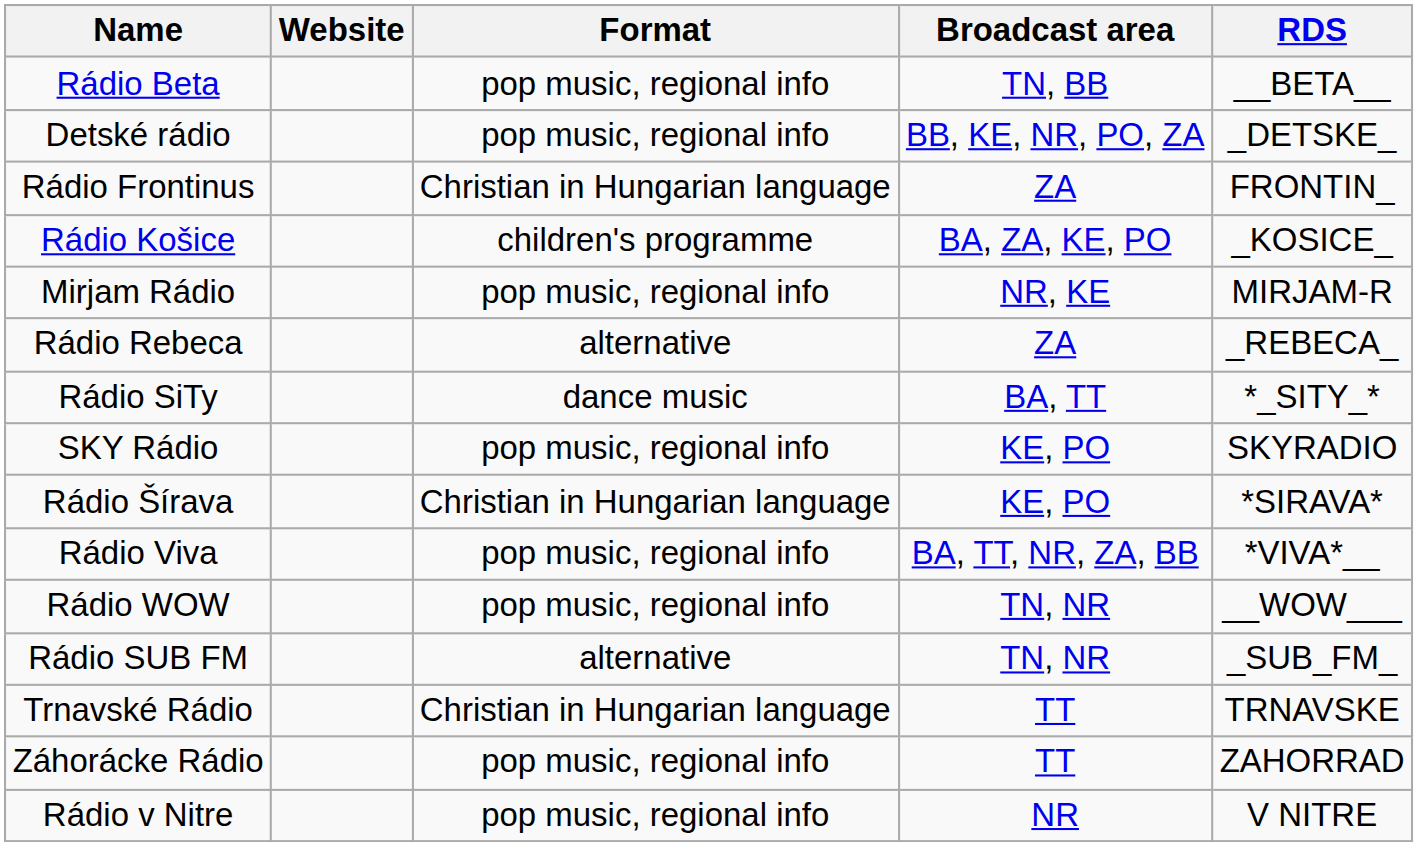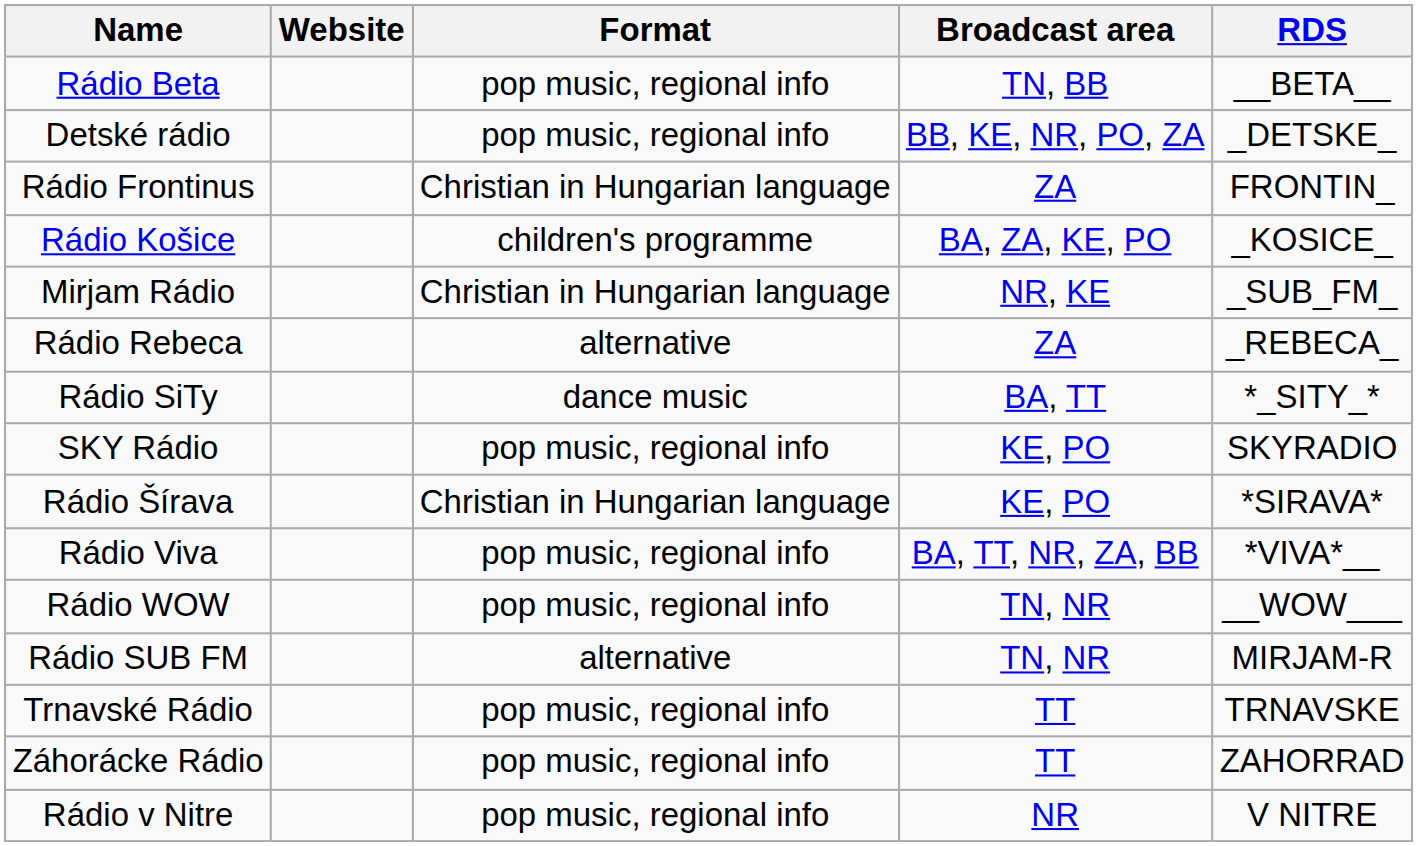 <table class="wikitable" style="text-align: center;">
 <tr>
 <th>Name</th>
 <th>Website</th>
 <th>Format</th>
 <th>Broadcast area</th>
 <th><a href='#'>RDS</a></th>
 </tr>
 <tr>
 <td><a href='#'>Rádio Beta</a></td>
 <td></td>
 <td>pop music, regional info</td>
 <td><a href='#'>TN</a>, <a href='#'>BB</a></td>
 <td>__BETA__</td>
 </tr>
 <tr>
 <td>Detské rádio</td>
 <td></td>
 <td>pop music, regional info</td>
 <td><a href='#'>BB</a>, <a href='#'>KE</a>, <a href='#'>NR</a>, <a href='#'>PO</a>, <a href='#'>ZA</a></td>
 <td>_DETSKE_</td>
 </tr>
 <tr>
 <td>Rádio Frontinus</td>
 <td></td>
 <td>Christian in Hungarian language</td>
 <td><a href='#'>ZA</a></td>
 <td>FRONTIN_</td>
 </tr>
 <tr>
 <td><a href='#'>Rádio Košice</a></td>
 <td></td>
 <td>children's programme</td>
 <td><a href='#'>BA</a>, <a href='#'>ZA</a>, <a href='#'>KE</a>, <a href='#'>PO</a></td>
 <td>_KOSICE_</td>
 </tr>
 <tr>
 <td>Mirjam Rádio</td>
 <td></td>
-<td>pop music, regional info</td>
+<td>Christian in Hungarian language</td>
 <td><a href='#'>NR</a>, <a href='#'>KE</a></td>
-<td>MIRJAM-R</td>
+<td>_SUB_FM_</td>
 </tr>
 <tr>
 <td>Rádio Rebeca</td>
 <td></td>
 <td>alternative</td>
 <td><a href='#'>ZA</a></td>
 <td>_REBECA_</td>
 </tr>
 <tr>
 <td>Rádio SiTy</td>
 <td></td>
 <td>dance music</td>
 <td><a href='#'>BA</a>, <a href='#'>TT</a></td>
 <td>*_SITY_*</td>
 </tr>
 <tr>
 <td>SKY Rádio</td>
 <td></td>
 <td>pop music, regional info</td>
 <td><a href='#'>KE</a>, <a href='#'>PO</a></td>
 <td>SKYRADIO</td>
 </tr>
 <tr>
 <td>Rádio Šírava</td>
 <td></td>
 <td>Christian in Hungarian language</td>
 <td><a href='#'>KE</a>, <a href='#'>PO</a></td>
 <td>*SIRAVA*</td>
 </tr>
 <tr>
 <td>Rádio Viva</td>
 <td></td>
 <td>pop music, regional info</td>
 <td><a href='#'>BA</a>, <a href='#'>TT</a>, <a href='#'>NR</a>, <a href='#'>ZA</a>, <a href='#'>BB</a></td>
 <td>*VIVA*__</td>
 </tr>
 <tr>
 <td>Rádio WOW</td>
 <td></td>
 <td>pop music, regional info</td>
 <td><a href='#'>TN</a>, <a href='#'>NR</a></td>
 <td>__WOW___</td>
 </tr>
 <tr>
 <td>Rádio SUB FM</td>
 <td></td>
 <td>alternative</td>
 <td><a href='#'>TN</a>, <a href='#'>NR</a></td>
-<td>_SUB_FM_</td>
+<td>MIRJAM-R</td>
 </tr>
 <tr>
 <td>Trnavské Rádio</td>
 <td></td>
-<td>Christian in Hungarian language</td>
+<td>pop music, regional info</td>
 <td><a href='#'>TT</a></td>
 <td>TRNAVSKE</td>
 </tr>
 <tr>
 <td>Záhorácke Rádio</td>
 <td></td>
 <td>pop music, regional info</td>
 <td><a href='#'>TT</a></td>
 <td>ZAHORRAD</td>
 </tr>
 <tr>
 <td>Rádio v Nitre</td>
 <td></td>
 <td>pop music, regional info</td>
 <td><a href='#'>NR</a></td>
 <td>V NITRE</td>
 </tr>
 <tr>
 </tr>
 </table>
